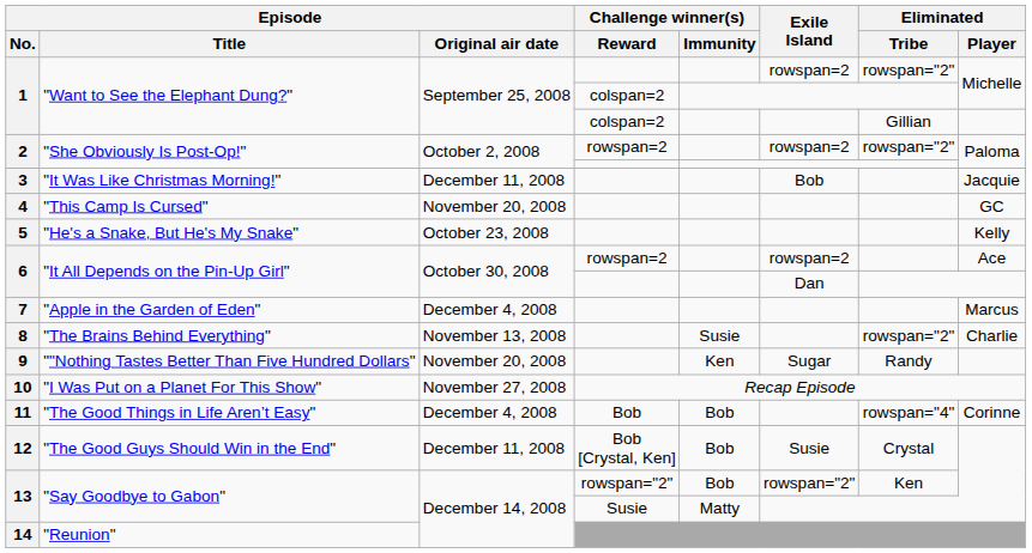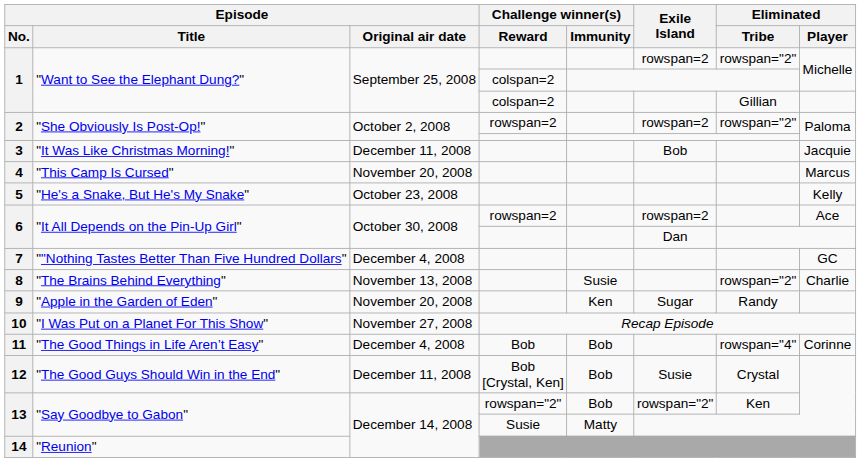 <table class="wikitable" style="margin:auto; text-align:center">
 <tr>
 <th scope="col" colspan="3">Episode</th>
 <th scope="col" colspan="2">Challenge winner(s)</th>
 <th scope="col" rowspan="2">Exile<br>Island</th>
 <th colspan="2">Eliminated</th>
 </tr>
 <tr>
 <th scope="col">No.</th>
 <th scope="col">Title</th>
 <th scope="col">Original air date</th>
 <th scope="col">Reward</th>
 <th scope="col">Immunity</th>
 <th scope="col">Tribe</th>
 <th scope="col">Player</th>
 </tr>
 <tr>
 <th rowspan="3">1</th>
 <td align="left" rowspan="3">"<a href='#'>Want to See the Elephant Dung?</a>"</td>
 <td align="left" rowspan="3">September 25, 2008</td>
 <td></td>
 <td></td>
 <td>rowspan=2 </td>
 <td>rowspan="2" </td>
 <td rowspan=2>Michelle</td>
 </tr>
 <tr>
 <td>colspan=2 </td>
 </tr>
 <tr>
 <td>colspan=2 </td>
 <td></td>
 <td></td>
 <td>Gillian</td>
 </tr>
 <tr>
 <th rowspan="2">2</th>
 <td align="left" rowspan="2">"<a href='#'>She Obviously Is Post-Op!</a>"</td>
 <td align="left" rowspan="2">October 2, 2008</td>
 <td>rowspan=2 </td>
 <td></td>
 <td>rowspan=2 </td>
 <td>rowspan="2" </td>
 <td rowspan=2>Paloma</td>
 </tr>
 <tr>
 <td></td>
 </tr>
 <tr>
 <th>3</th>
 <td align="left">"<a href='#'>It Was Like Christmas Morning!</a>"</td>
 <td align="left">December 11, 2008</td>
 <td></td>
 <td></td>
 <td>Bob</td>
 <td></td>
 <td>Jacquie</td>
 </tr>
 <tr>
 <th>4</th>
 <td align="left">"<a href='#'>This Camp Is Cursed</a>"</td>
 <td align="left">November 20, 2008</td>
 <td></td>
 <td></td>
 <td></td>
 <td></td>
-<td>GC</td>
+<td>Marcus</td>
 </tr>
 <tr>
 <th>5</th>
 <td align="left">"<a href='#'>He's a Snake, But He's My Snake</a>"</td>
 <td align="left">October 23, 2008</td>
 <td></td>
 <td></td>
 <td></td>
 <td></td>
 <td>Kelly</td>
 </tr>
 <tr>
 <th rowspan="2">6</th>
 <td align="left" rowspan="2">"<a href='#'>It All Depends on the Pin-Up Girl</a>"</td>
 <td align="left" rowspan="2">October 30, 2008</td>
 <td>rowspan=2 </td>
 <td></td>
 <td>rowspan=2 </td>
 <td></td>
 <td>Ace</td>
 </tr>
 <tr>
 <td></td>
 <td></td>
 <td>Dan</td>
 </tr>
 <tr>
 <th>7</th>
-<td align="left">"<a href='#'>Apple in the Garden of Eden</a>"</td>
+<td align="left">"<a href='#'>"Nothing Tastes Better Than Five Hundred Dollars</a>"</td>
 <td align="left">December 4, 2008</td>
 <td></td>
 <td></td>
 <td></td>
 <td></td>
-<td>Marcus</td>
+<td>GC</td>
 </tr>
 <tr>
 <th>8</th>
 <td align="left">"<a href='#'>The Brains Behind Everything</a>"</td>
 <td align="left">November 13, 2008</td>
 <td></td>
 <td>Susie</td>
 <td></td>
 <td>rowspan="2" </td>
 <td>Charlie</td>
 </tr>
 <tr>
 <th>9</th>
-<td align="left">"<a href='#'>"Nothing Tastes Better Than Five Hundred Dollars</a>"</td>
+<td align="left">"<a href='#'>Apple in the Garden of Eden</a>"</td>
 <td align="left">November 20, 2008</td>
 <td></td>
 <td>Ken</td>
 <td>Sugar</td>
 <td>Randy</td>
 </tr>
 <tr>
 <th>10</th>
 <td align="left">"<a href='#'>I Was Put on a Planet For This Show</a>"</td>
 <td align="left">November 27, 2008</td>
 <td colspan="5"><em>Recap Episode</em></td>
 </tr>
 <tr>
 <th>11</th>
 <td align="left">"<a href='#'>The Good Things in Life Aren’t Easy</a>"</td>
 <td align="left">December 4, 2008</td>
 <td>Bob</td>
 <td>Bob</td>
 <td></td>
 <td>rowspan="4" </td>
 <td>Corinne</td>
 </tr>
 <tr>
 <th>12</th>
 <td align="left">"<a href='#'>The Good Guys Should Win in the End</a>"</td>
 <td align="left">December 11, 2008</td>
 <td>Bob<br>[Crystal, Ken]</td>
 <td>Bob</td>
 <td>Susie</td>
 <td>Crystal</td>
 </tr>
 <tr>
 <th rowspan="2">13</th>
 <td align="left" rowspan="2">"<a href='#'>Say Goodbye to Gabon</a>"</td>
 <td rowspan="3" align="left">December 14, 2008</td>
 <td>rowspan="2" </td>
 <td>Bob</td>
 <td>rowspan="2" </td>
 <td>Ken</td>
 </tr>
 <tr>
 <td>Susie</td>
 <td>Matty</td>
 </tr>
 <tr>
 <th>14</th>
 <td align="left">"<a href='#'>Reunion</a>"</td>
 <td colspan="5" bgcolor="darkgray"></td>
 </tr>
 </table>
